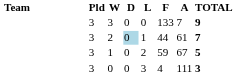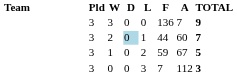 <table>
 <tr>
 <td><br></td>
 </tr>
 <tr border=1 cellpadding=5 cellspacing=0>
 <th width="200">Team</th>
 <th width="20">Pld</th>
 <th width="20">W</th>
 <th width="20">D</th>
 <th width="20">L</th>
 <th width="20">F</th>
 <th width="20">A</th>
 <th width="20">TOTAL</th>
 </tr>
 <tr>
 <td align=left></td>
 <td>3</td>
 <td>3</td>
 <td>0</td>
 <td>0</td>
-<td>133</td>
+<td>136</td>
 <td>7</td>
 <td><strong>9</strong></td>
 </tr>
 <tr>
 <td align=left></td>
 <td>3</td>
 <td>2</td>
 <td style="background: lightblue;">0</td>
 <td>1</td>
 <td>44</td>
-<td>61</td>
+<td>60</td>
 <td><strong>7</strong></td>
 </tr>
 <tr>
 <td align=left></td>
 <td>3</td>
 <td>1</td>
 <td>0</td>
 <td>2</td>
 <td>59</td>
 <td>67</td>
 <td><strong>5</strong></td>
 </tr>
 <tr>
 <td align=left></td>
 <td>3</td>
 <td>0</td>
 <td>0</td>
 <td>3</td>
-<td>4</td>
-<td>111</td>
+<td>7</td>
+<td>112</td>
 <td><strong>3</strong></td>
 </tr>
 </table>
